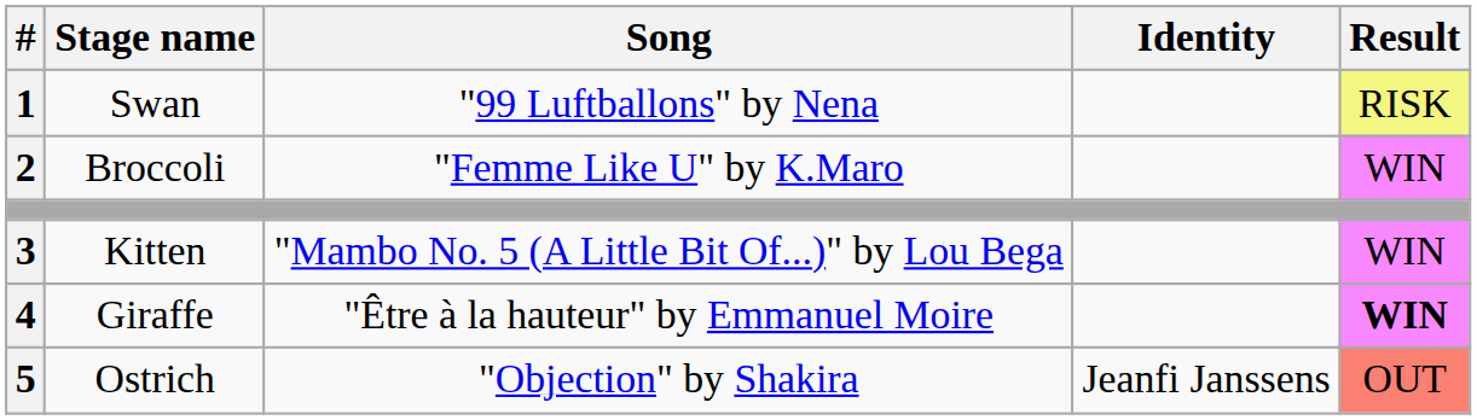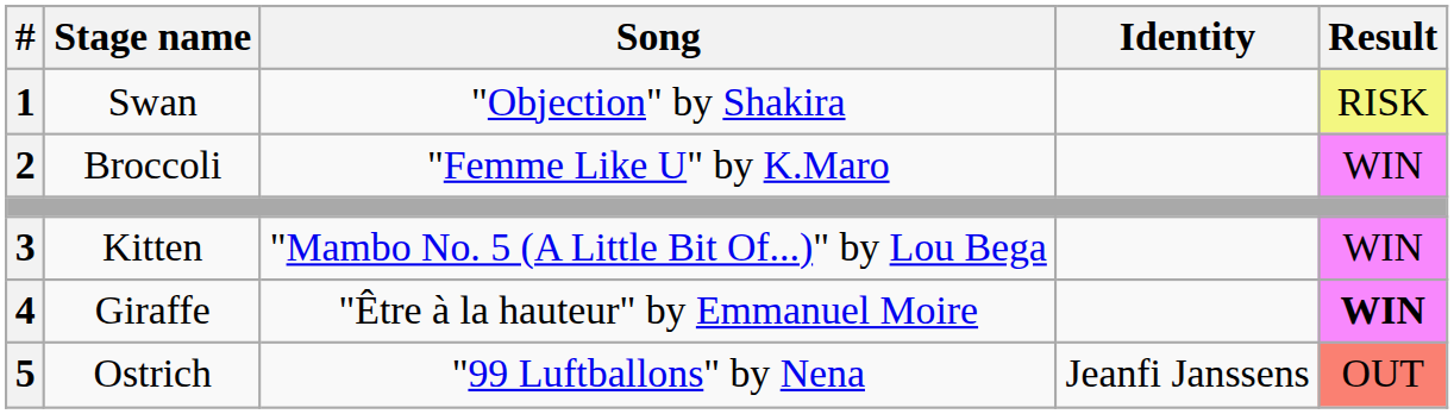 <table class="wikitable plainrowheaders" style="text-align: center;">
 <tr>
 <th>#</th>
 <th>Stage name</th>
 <th>Song</th>
 <th>Identity</th>
 <th>Result</th>
 </tr>
 <tr>
 <th>1</th>
 <td>Swan</td>
-<td>"<a href='#'>99 Luftballons</a>" by <a href='#'>Nena</a></td>
+<td>"<a href='#'>Objection</a>" by <a href='#'>Shakira</a></td>
 <td></td>
 <td bgcolor="#F3F781">RISK</td>
 </tr>
 <tr>
 <th>2</th>
 <td>Broccoli</td>
 <td>"<a href='#'>Femme Like U</a>" by <a href='#'>K.Maro</a></td>
 <td></td>
 <td bgcolor="#F888FD">WIN</td>
 </tr>
 <tr>
 <td colspan="5" style="background:darkgray"></td>
 </tr>
 <tr>
 <th>3</th>
 <td>Kitten</td>
 <td>"<a href='#'>Mambo No. 5 (A Little Bit Of...)</a>" by <a href='#'>Lou Bega</a></td>
 <td></td>
 <td bgcolor="#F888FD">WIN</td>
 </tr>
 <tr>
 <th>4</th>
 <td>Giraffe</td>
 <td>"Être à la hauteur" by <a href='#'>Emmanuel Moire</a></td>
 <td></td>
 <td bgcolor="#F888FD"><strong>WIN</strong></td>
 </tr>
 <tr>
 <th>5</th>
 <td>Ostrich</td>
-<td>"<a href='#'>Objection</a>" by <a href='#'>Shakira</a></td>
+<td>"<a href='#'>99 Luftballons</a>" by <a href='#'>Nena</a></td>
 <td>Jeanfi Janssens</td>
 <td bgcolor="salmon">OUT</td>
 </tr>
 </table>
